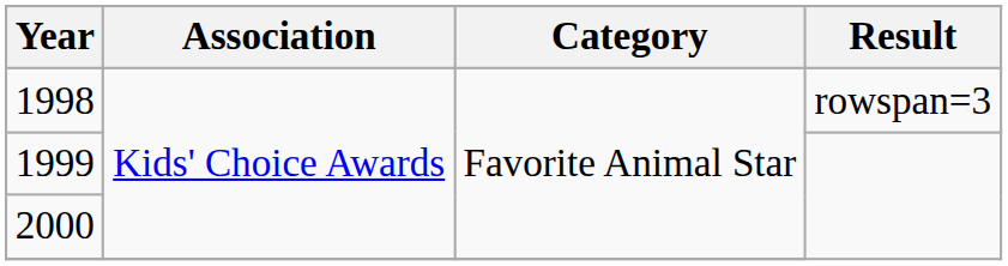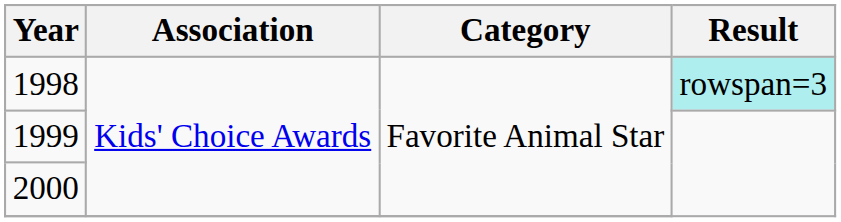 <table class="wikitable">
 <tr>
 <th><strong>Year</strong></th>
 <th><strong>Association</strong></th>
 <th><strong>Category</strong></th>
 <th><strong>Result</strong></th>
 </tr>
 <tr>
 <td>1998</td>
 <td rowspan=3><a href='#'>Kids' Choice Awards</a></td>
 <td rowspan=3>Favorite Animal Star</td>
-<td>rowspan=3 </td>
+<td style="background: paleturquoise;">rowspan=3 </td>
 </tr>
 <tr>
 <td>1999</td>
 </tr>
 <tr>
 <td>2000</td>
 </tr>
 <tr>
 </tr>
 </table>
